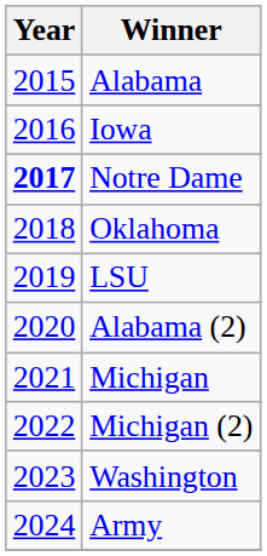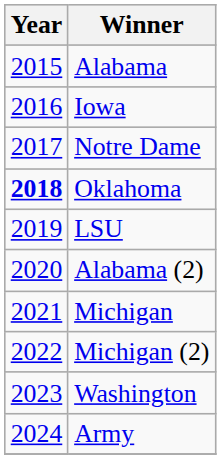 <table class="wikitable">
 <tr>
 <th bgcolor="#e5e5e5">Year</th>
 <th bgcolor="#e5e5e5">Winner</th>
 </tr>
 <tr>
 <td><a href='#'>2015</a></td>
 <td><a href='#'>Alabama</a></td>
 </tr>
 <tr>
 <td><a href='#'>2016</a></td>
 <td><a href='#'>Iowa</a></td>
 </tr>
 <tr>
-<td><strong><a href='#'>2017</a></strong></td>
+<td><a href='#'>2017</a></td>
 <td><a href='#'>Notre Dame</a></td>
 </tr>
 <tr>
-<td><a href='#'>2018</a></td>
+<td><strong><a href='#'>2018</a></strong></td>
 <td><a href='#'>Oklahoma</a></td>
 </tr>
 <tr>
 <td><a href='#'>2019</a></td>
 <td><a href='#'>LSU</a></td>
 </tr>
 <tr>
 <td><a href='#'>2020</a></td>
 <td><a href='#'>Alabama</a> (2)</td>
 </tr>
 <tr>
 <td><a href='#'>2021</a></td>
 <td><a href='#'>Michigan</a></td>
 </tr>
 <tr>
 <td><a href='#'>2022</a></td>
 <td><a href='#'>Michigan</a> (2)</td>
 </tr>
 <tr>
 <td><a href='#'>2023</a></td>
 <td><a href='#'>Washington</a></td>
 </tr>
 <tr>
 <td><a href='#'>2024</a></td>
 <td><a href='#'>Army</a></td>
 </tr>
 <tr>
 </tr>
 </table>
